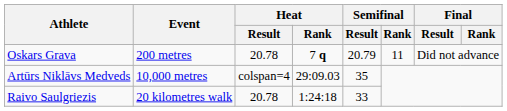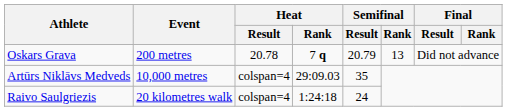 <table class=wikitable style=font-size:90%>
 <tr>
 <th rowspan=2>Athlete</th>
 <th rowspan=2>Event</th>
 <th colspan=2>Heat</th>
 <th colspan=2>Semifinal</th>
 <th colspan=2>Final</th>
 </tr>
 <tr style=font-size:95%>
 <th>Result</th>
 <th>Rank</th>
 <th>Result</th>
 <th>Rank</th>
 <th>Result</th>
 <th>Rank</th>
 </tr>
 <tr align=center>
 <td align=left><a href='#'>Oskars Grava</a></td>
 <td align=left><a href='#'>200 metres</a></td>
 <td>20.78 </td>
 <td>7 <strong>q</strong></td>
 <td>20.79</td>
-<td>11</td>
+<td>13</td>
 <td colspan=2>Did not advance</td>
 </tr>
 <tr align=center>
 <td align=left><a href='#'>Artūrs Niklāvs Medveds</a></td>
 <td align=left><a href='#'>10,000 metres</a></td>
 <td>colspan=4</td>
 <td>29:09.03</td>
 <td>35</td>
 </tr>
 <tr align=center>
 <td align=left><a href='#'>Raivo Saulgriezis</a></td>
 <td align=left><a href='#'>20 kilometres walk</a></td>
-<td>20.78 </td>
+<td>colspan=4</td>
 <td>1:24:18</td>
-<td>33</td>
+<td>24</td>
 </tr>
 </table>
